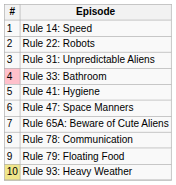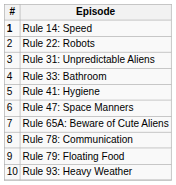 <table class="wikitable sortable">
 <tr>
 <th>#</th>
 <th>Episode</th>
 </tr>
 <tr>
-<td>1</td>
+<td><strong>1</strong></td>
 <td>Rule 14: Speed</td>
 </tr>
 <tr>
 <td>2</td>
 <td>Rule 22: Robots</td>
 </tr>
 <tr>
 <td>3</td>
 <td>Rule 31: Unpredictable Aliens</td>
 </tr>
 <tr>
-<td style="background: pink;">4</td>
+<td>4</td>
 <td>Rule 33: Bathroom</td>
 </tr>
 <tr>
 <td>5</td>
 <td>Rule 41: Hygiene</td>
 </tr>
 <tr>
 <td>6</td>
 <td>Rule 47: Space Manners</td>
 </tr>
 <tr>
 <td>7</td>
 <td>Rule 65A: Beware of Cute Aliens</td>
 </tr>
 <tr>
 <td>8</td>
 <td>Rule 78: Communication</td>
 </tr>
 <tr>
 <td>9</td>
 <td>Rule 79: Floating Food</td>
 </tr>
 <tr>
-<td style="background: khaki;">10</td>
+<td>10</td>
 <td>Rule 93: Heavy Weather</td>
 </tr>
 <tr>
 </tr>
 </table>
